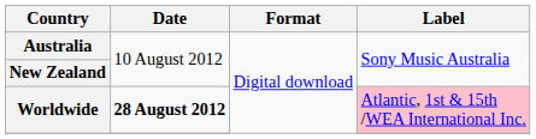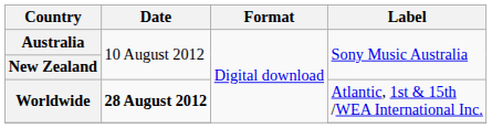 <table class="wikitable plainrowheaders" border="1">
 <tr>
 <th scope="col">Country</th>
 <th scope="col">Date</th>
 <th scope="col">Format</th>
 <th scope="col">Label</th>
 </tr>
 <tr>
 <th scope="row">Australia</th>
 <td rowspan=2>10 August 2012</td>
 <td rowspan=4><a href='#'>Digital download</a></td>
 <td rowspan=2><a href='#'>Sony Music Australia</a></td>
 </tr>
 <tr>
 <th scope="row">New Zealand</th>
 </tr>
 <tr>
 <th scope="row">Worldwide</th>
 <td rowspan=1><strong>28 August 2012</strong></td>
-<td rowspan=1 style="background: pink;"><a href='#'>Atlantic</a>, <a href='#'>1st & 15th</a><br>/<a href='#'>WEA International Inc.</a></td>
+<td rowspan=1><a href='#'>Atlantic</a>, <a href='#'>1st & 15th</a><br>/<a href='#'>WEA International Inc.</a></td>
 </tr>
 <tr>
 </tr>
 </table>
